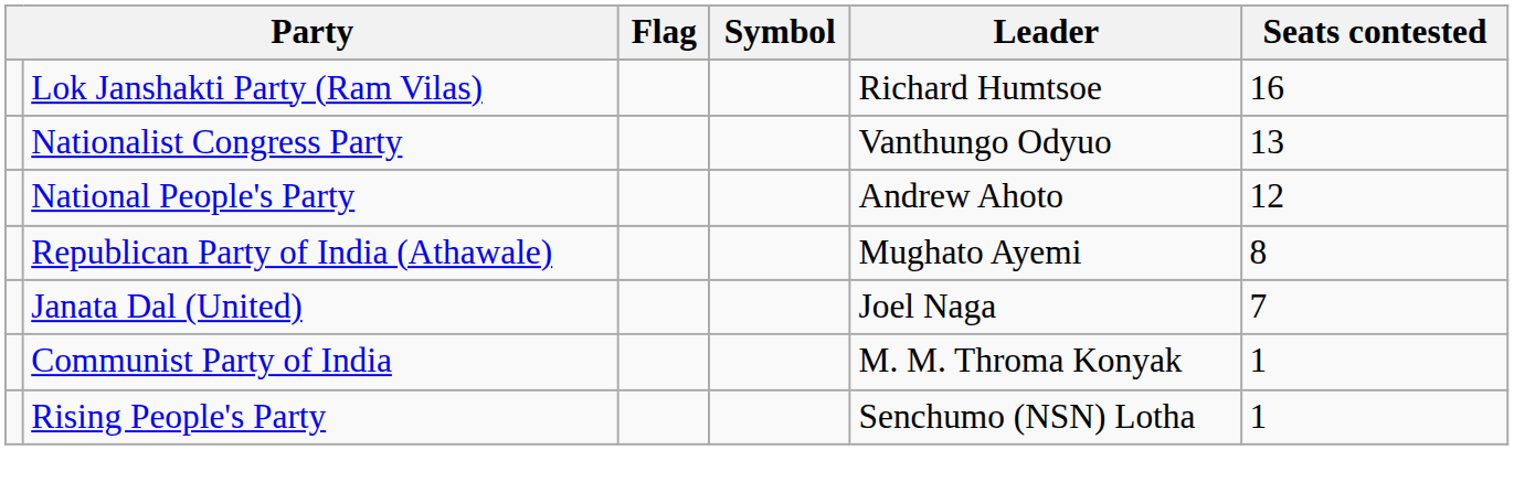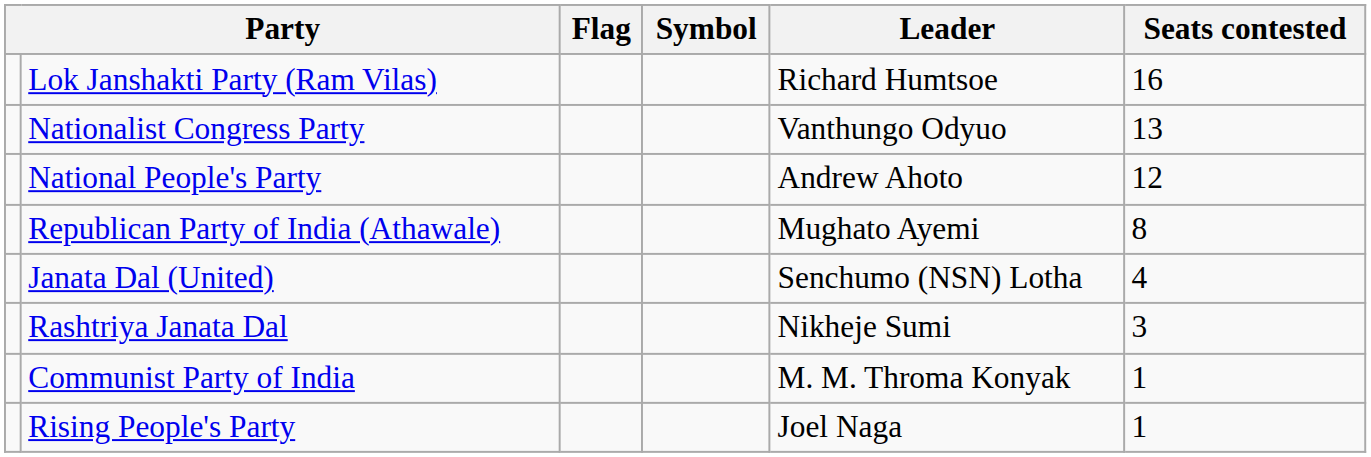 <table class="wikitable" width="55%">
 <tr>
 <th colspan="2">Party</th>
 <th>Flag</th>
 <th>Symbol</th>
 <th>Leader</th>
 <th>Seats contested</th>
 </tr>
 <tr>
 <td style="text-align:center; background:"></td>
 <td><a href='#'>Lok Janshakti Party (Ram Vilas)</a></td>
 <td></td>
 <td></td>
 <td>Richard Humtsoe</td>
 <td>16</td>
 </tr>
 <tr>
 <td style="text-align:center; background:"></td>
 <td><a href='#'>Nationalist Congress Party</a></td>
 <td></td>
 <td></td>
 <td>Vanthungo Odyuo</td>
 <td>13</td>
 </tr>
 <tr>
 <td style="text-align:center; background:"></td>
 <td><a href='#'>National People's Party</a></td>
 <td></td>
 <td></td>
 <td>Andrew Ahoto</td>
 <td>12</td>
 </tr>
 <tr>
 <td style="text-align:center; background:"></td>
 <td><a href='#'>Republican Party of India (Athawale)</a></td>
 <td></td>
 <td></td>
 <td>Mughato Ayemi</td>
 <td>8</td>
 </tr>
 <tr>
 <td style="text-align:center; background:"></td>
 <td><a href='#'>Janata Dal (United)</a></td>
 <td></td>
 <td></td>
-<td>Joel Naga</td>
-<td>7</td>
+<td>Senchumo (NSN) Lotha</td>
+<td>4</td>
+</tr>
+<tr>
+<td style="text-align:center; background:"></td>
+<td><a href='#'>Rashtriya Janata Dal</a></td>
+<td></td>
+<td></td>
+<td>Nikheje Sumi</td>
+<td>3</td>
 </tr>
 <tr>
 <td style="text-align:center; background:"></td>
 <td><a href='#'>Communist Party of India</a></td>
 <td></td>
 <td></td>
 <td>M. M. Throma Konyak</td>
 <td>1</td>
 </tr>
 <tr>
 <td></td>
 <td><a href='#'>Rising People's Party</a></td>
 <td></td>
 <td></td>
-<td>Senchumo (NSN) Lotha</td>
+<td>Joel Naga</td>
 <td>1</td>
 </tr>
 </table>
